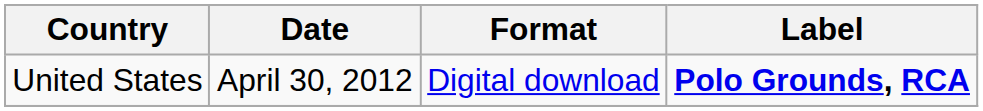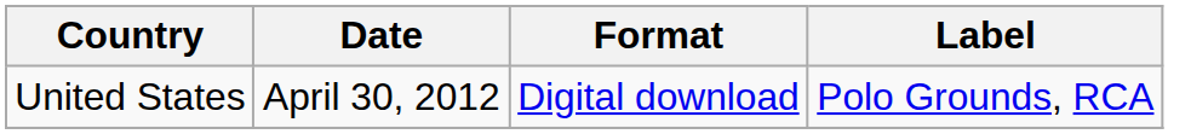 <table class="wikitable">
 <tr>
 <th>Country</th>
 <th>Date</th>
 <th>Format</th>
 <th>Label</th>
 </tr>
 <tr>
 <td>United States</td>
 <td>April 30, 2012</td>
 <td><a href='#'>Digital download</a></td>
-<td><strong><a href='#'>Polo Grounds</a>, <a href='#'>RCA</a></strong></td>
+<td><a href='#'>Polo Grounds</a>, <a href='#'>RCA</a></td>
 </tr>
 <tr>
 </tr>
 </table>
